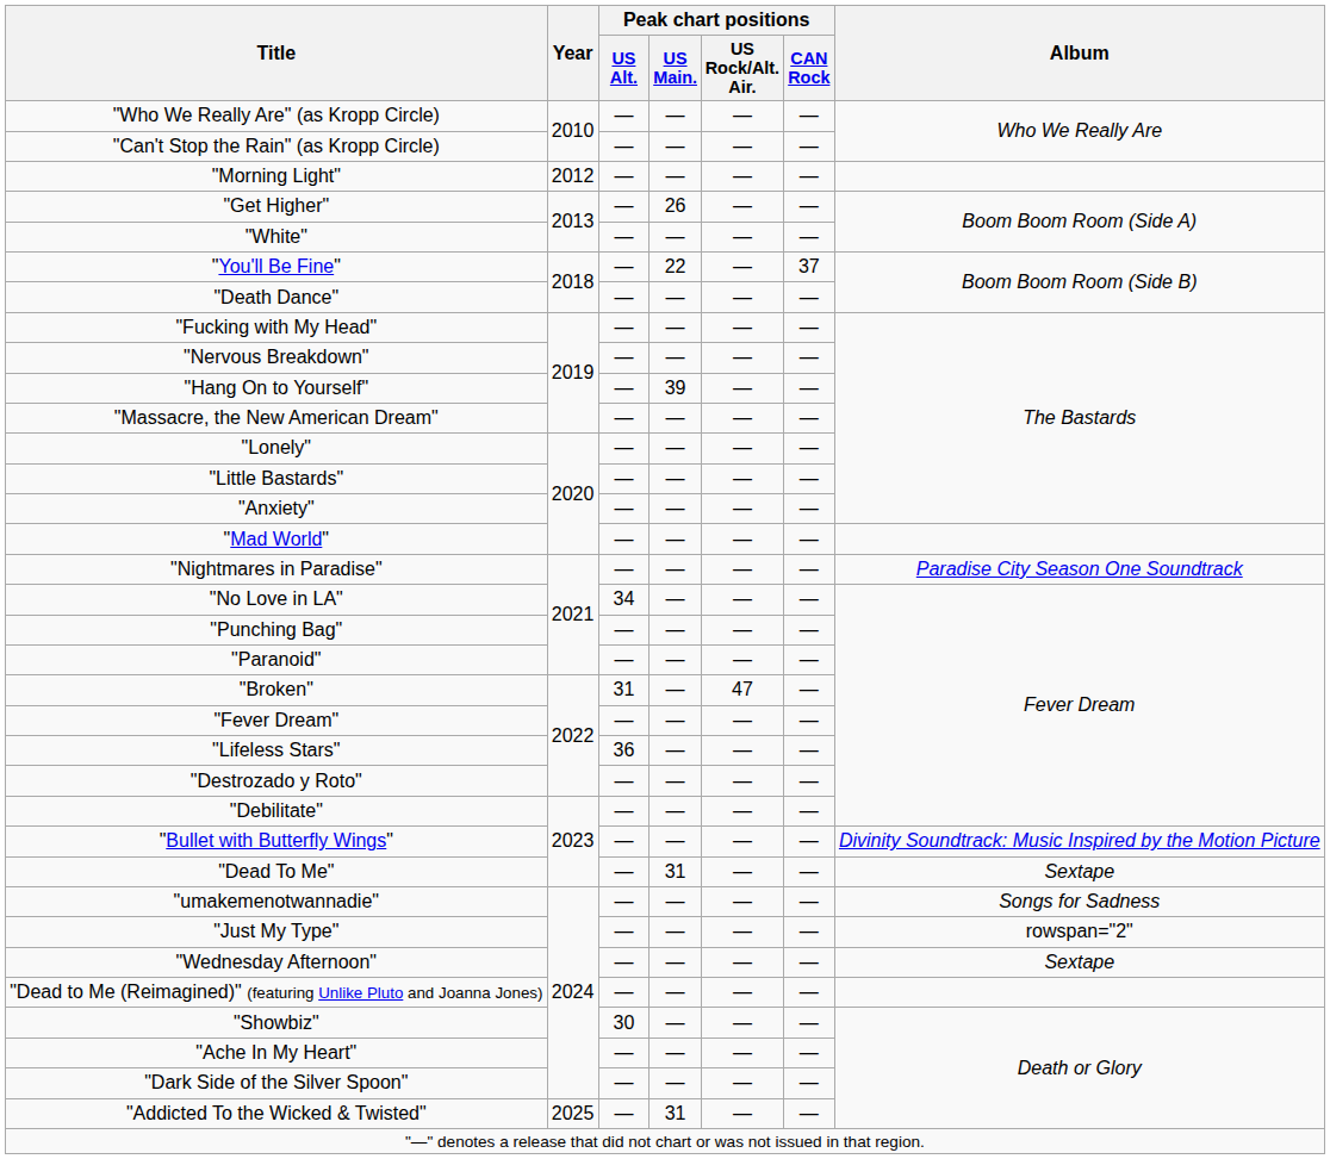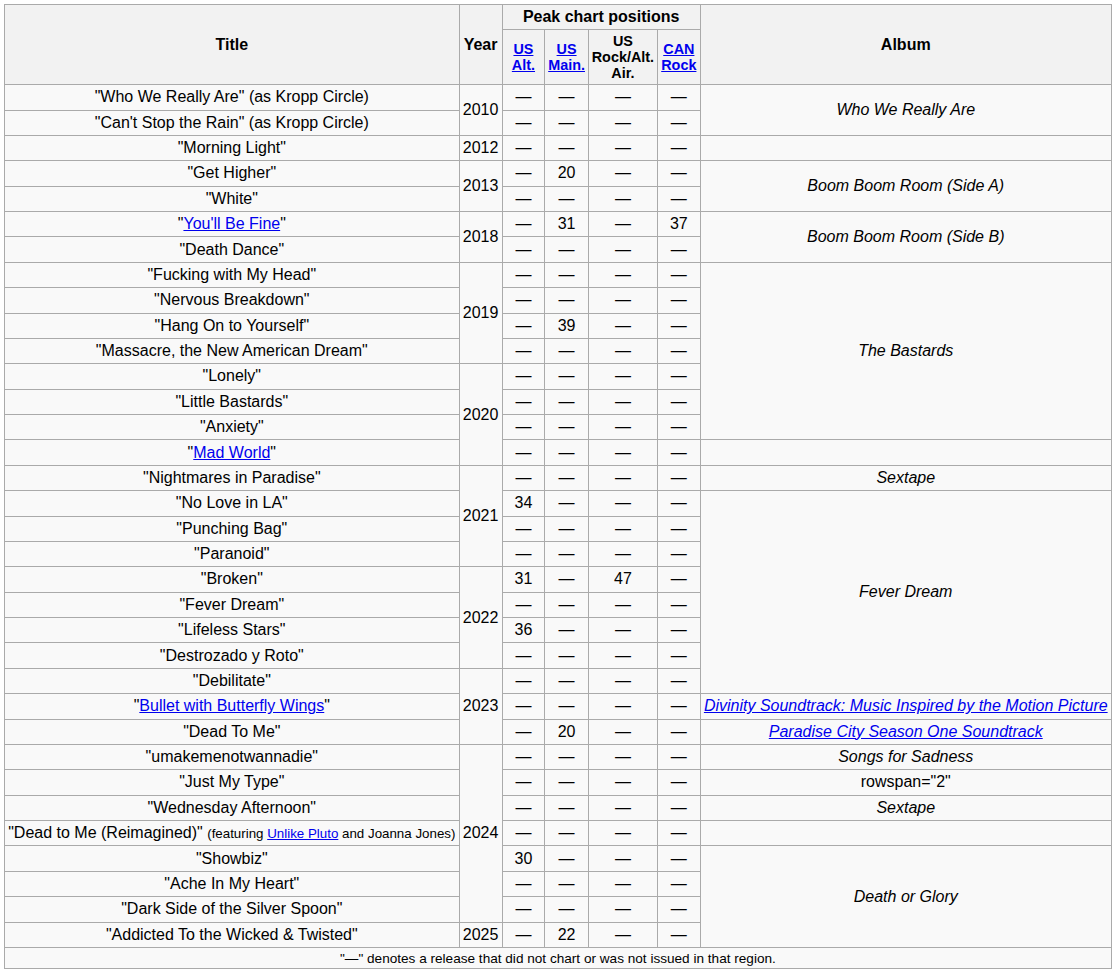 <table class="wikitable plainrowheaders" style="text-align:center;">
 <tr>
 <th scope="col" rowspan="2">Title</th>
 <th scope="col" rowspan="2">Year</th>
 <th colspan="4">Peak chart positions</th>
 <th scope="col" rowspan="2">Album</th>
 </tr>
 <tr>
 <th scope="col" style="width:2.5em;font-size:90%;"><a href='#'>US<br>Alt.</a></th>
 <th scope="col" style="width:2.5em;font-size:90%;"><a href='#'>US<br>Main.</a><br></th>
 <th scope="col" style="width:2.5em;font-size:90%;">US Rock/Alt. Air.</th>
 <th scope="col" style="width:2.5em;font-size:90%;"><a href='#'>CAN<br>Rock</a></th>
 </tr>
 <tr>
 <td>"Who We Really Are" (as Kropp Circle)</td>
 <td rowspan="2">2010</td>
 <td>—</td>
 <td>—</td>
 <td>—</td>
 <td>—</td>
 <td rowspan="2"><em>Who We Really Are</em></td>
 </tr>
 <tr>
 <td>"Can't Stop the Rain" (as Kropp Circle)</td>
 <td>—</td>
 <td>—</td>
 <td>—</td>
 <td>—</td>
 </tr>
 <tr>
 <td>"Morning Light"</td>
 <td>2012</td>
 <td>—</td>
 <td>—</td>
 <td>—</td>
 <td>—</td>
 <td></td>
 </tr>
 <tr>
 <td>"Get Higher"</td>
 <td rowspan="2">2013</td>
 <td>—</td>
-<td>26</td>
+<td>20</td>
 <td>—</td>
 <td>—</td>
 <td rowspan="2"><em>Boom Boom Room (Side A)</em></td>
 </tr>
 <tr>
 <td>"White"</td>
 <td>—</td>
 <td>—</td>
 <td>—</td>
 <td>—</td>
 </tr>
 <tr>
 <td>"<a href='#'>You'll Be Fine</a>"</td>
 <td rowspan="2">2018</td>
 <td>—</td>
-<td>22</td>
+<td>31</td>
 <td>—</td>
 <td>37</td>
 <td rowspan="2"><em>Boom Boom Room (Side B)</em></td>
 </tr>
 <tr>
 <td>"Death Dance"</td>
 <td>—</td>
 <td>—</td>
 <td>—</td>
 <td>—</td>
 </tr>
 <tr>
 <td>"Fucking with My Head"</td>
 <td rowspan="4">2019</td>
 <td>—</td>
 <td>—</td>
 <td>—</td>
 <td>—</td>
 <td rowspan="7"><em>The Bastards</em></td>
 </tr>
 <tr>
 <td>"Nervous Breakdown"</td>
 <td>—</td>
 <td>—</td>
 <td>—</td>
 <td>—</td>
 </tr>
 <tr>
 <td>"Hang On to Yourself"</td>
 <td>—</td>
 <td>39</td>
 <td>—</td>
 <td>—</td>
 </tr>
 <tr>
 <td>"Massacre, the New American Dream"</td>
 <td>—</td>
 <td>—</td>
 <td>—</td>
 <td>—</td>
 </tr>
 <tr>
 <td>"Lonely"</td>
 <td rowspan="4">2020</td>
 <td>—</td>
 <td>—</td>
 <td>—</td>
 <td>—</td>
 </tr>
 <tr>
 <td>"Little Bastards"</td>
 <td>—</td>
 <td>—</td>
 <td>—</td>
 <td>—</td>
 </tr>
 <tr>
 <td>"Anxiety"</td>
 <td>—</td>
 <td>—</td>
 <td>—</td>
 <td>—</td>
 </tr>
 <tr>
 <td>"<a href='#'>Mad World</a>" </td>
 <td>—</td>
 <td>—</td>
 <td>—</td>
 <td>—</td>
 <td></td>
 </tr>
 <tr>
 <td>"Nightmares in Paradise"</td>
 <td rowspan="4">2021</td>
 <td>—</td>
 <td>—</td>
 <td>—</td>
 <td>—</td>
-<td><em><a href='#'>Paradise City Season One Soundtrack</a></em></td>
+<td><em>Sextape</em></td>
 </tr>
 <tr>
 <td>"No Love in LA"</td>
 <td>34</td>
 <td>—</td>
 <td>—</td>
 <td>—</td>
 <td rowspan="8"><em>Fever Dream</em></td>
 </tr>
 <tr>
 <td>"Punching Bag"</td>
 <td>—</td>
 <td>—</td>
 <td>—</td>
 <td>—</td>
 </tr>
 <tr>
 <td>"Paranoid"</td>
 <td>—</td>
 <td>—</td>
 <td>—</td>
 <td>—</td>
 </tr>
 <tr>
 <td>"Broken"</td>
 <td rowspan="4">2022</td>
 <td>31</td>
 <td>—</td>
 <td>47</td>
 <td>—</td>
 </tr>
 <tr>
 <td>"Fever Dream"</td>
 <td>—</td>
 <td>—</td>
 <td>—</td>
 <td>—</td>
 </tr>
 <tr>
 <td>"Lifeless Stars"</td>
 <td>36</td>
 <td>—</td>
 <td>—</td>
 <td>—</td>
 </tr>
 <tr>
 <td>"Destrozado y Roto" </td>
 <td>—</td>
 <td>—</td>
 <td>—</td>
 <td>—</td>
 </tr>
 <tr>
 <td>"Debilitate" </td>
 <td rowspan="3">2023</td>
 <td>—</td>
 <td>—</td>
 <td>—</td>
 <td>—</td>
 </tr>
 <tr>
 <td>"<a href='#'>Bullet with Butterfly Wings</a>" </td>
 <td>—</td>
 <td>—</td>
 <td>—</td>
 <td>—</td>
 <td><em><a href='#'>Divinity Soundtrack: Music Inspired by the Motion Picture</a></em></td>
 </tr>
 <tr>
 <td>"Dead To Me"</td>
 <td>—</td>
-<td>31</td>
+<td>20</td>
 <td>—</td>
 <td>—</td>
-<td><em>Sextape</em></td>
+<td><em><a href='#'>Paradise City Season One Soundtrack</a></em></td>
 </tr>
 <tr>
 <td>"umakemenotwannadie"</td>
 <td rowspan="7">2024</td>
 <td>—</td>
 <td>—</td>
 <td>—</td>
 <td>—</td>
 <td><em>Songs for Sadness</em></td>
 </tr>
 <tr>
 <td>"Just My Type"</td>
 <td>—</td>
 <td>—</td>
 <td>—</td>
 <td>—</td>
 <td>rowspan="2" </td>
 </tr>
 <tr>
 <td>"Wednesday Afternoon"</td>
 <td>—</td>
 <td>—</td>
 <td>—</td>
 <td>—</td>
 <td><em>Sextape</em></td>
 </tr>
 <tr>
 <td>"Dead to Me (Reimagined)" <small>(featuring <a href='#'>Unlike Pluto</a> and Joanna Jones)</small></td>
 <td>—</td>
 <td>—</td>
 <td>—</td>
 <td>—</td>
 </tr>
 <tr>
 <td>"Showbiz"</td>
 <td>30</td>
 <td>—</td>
 <td>—</td>
 <td>—</td>
 <td rowspan="4"><em>Death or Glory</em></td>
 </tr>
 <tr>
 <td>"Ache In My Heart"</td>
 <td>—</td>
 <td>—</td>
 <td>—</td>
 <td>—</td>
 </tr>
 <tr>
 <td>"Dark Side of the Silver Spoon"</td>
 <td>—</td>
 <td>—</td>
 <td>—</td>
 <td>—</td>
 </tr>
 <tr>
 <td>"Addicted To the Wicked & Twisted"</td>
 <td>2025</td>
 <td>—</td>
-<td>31</td>
+<td>22</td>
 <td>—</td>
 <td>—</td>
 </tr>
 <tr>
 <td colspan="14" style="font-size:85%">"—" denotes a release that did not chart or was not issued in that region.</td>
 </tr>
 </table>
